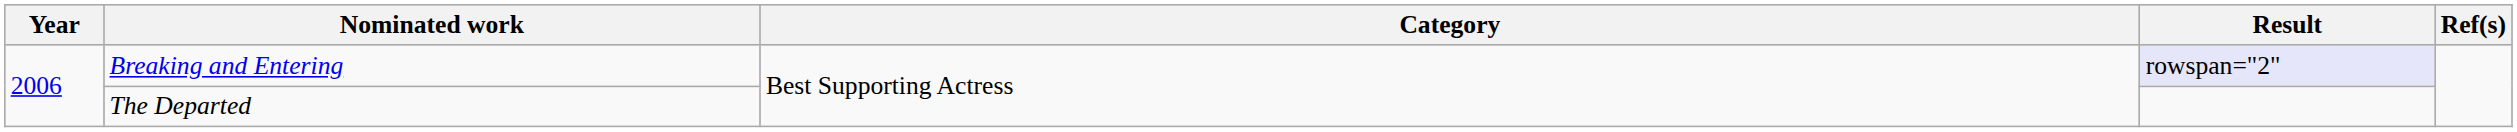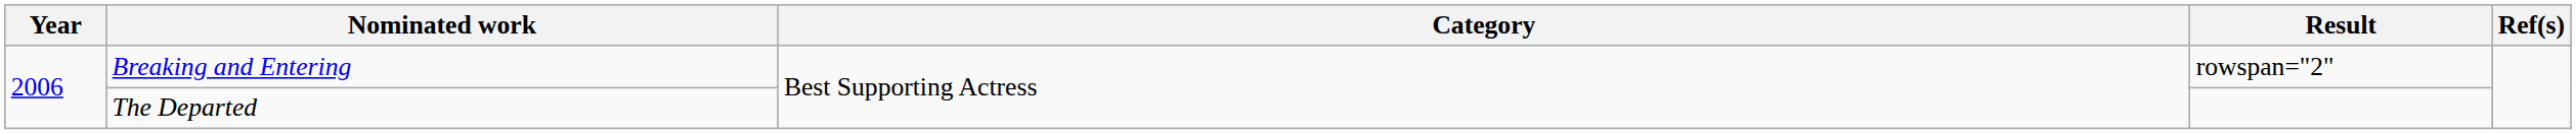 <table class="wikitable">
 <tr>
 <th width=4%>Year</th>
 <th width=27%>Nominated work</th>
 <th width=57%>Category</th>
 <th width=12%>Result</th>
 <th width=4%>Ref(s)</th>
 </tr>
 <tr>
 <td rowspan="2"><a href='#'>2006</a></td>
 <td><em><a href='#'>Breaking and Entering</a></em></td>
 <td rowspan="2">Best Supporting Actress</td>
-<td style="background: lavender;">rowspan="2" </td>
+<td>rowspan="2" </td>
 <td rowspan="2"></td>
 </tr>
 <tr>
 <td><em>The Departed</em></td>
 </tr>
 </table>
